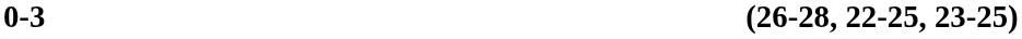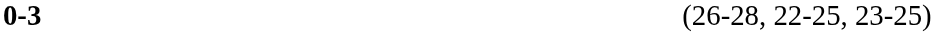 <table width=100% cellspacing=1>
 <tr>
 <th width=20%></th>
 <th width=12%></th>
 <th width=20%></th>
 <th width=33%></th>
 <td></td>
 </tr>
 <tr style=font-size:90%>
 <td align=right></td>
 <td align=center><strong>0-3</strong></td>
 <td></td>
-<td><strong>(26-28, 22-25, 23-25)</strong></td>
+<td>(26-28, 22-25, 23-25)</td>
 </tr>
 </table>
